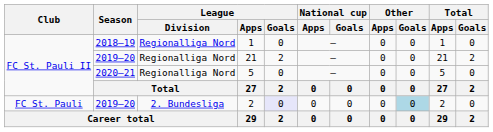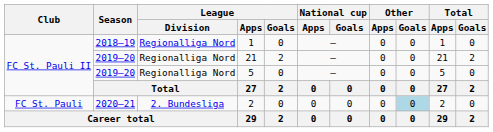 <table class="wikitable" style="text-align: center">
 <tr>
 <th rowspan="2">Club</th>
 <th rowspan="2">Season</th>
 <th colspan="3">League</th>
 <th colspan="2">National cup</th>
 <th colspan="2">Other</th>
 <th colspan="2">Total</th>
 </tr>
 <tr>
 <th>Division</th>
 <th>Apps</th>
 <th>Goals</th>
 <th>Apps</th>
 <th>Goals</th>
 <th>Apps</th>
 <th>Goals</th>
 <th>Apps</th>
 <th>Goals</th>
 </tr>
 <tr>
 <td rowspan="4"><a href='#'>FC St. Pauli II</a></td>
 <td><a href='#'>2018–19</a></td>
 <td><a href='#'>Regionalliga Nord</a></td>
 <td>1</td>
 <td>0</td>
 <td colspan="2">—</td>
 <td>0</td>
 <td>0</td>
 <td>1</td>
 <td>0</td>
 </tr>
 <tr>
 <td><a href='#'>2019–20</a></td>
 <td>Regionalliga Nord</td>
 <td>21</td>
 <td>2</td>
 <td colspan="2">—</td>
 <td>0</td>
 <td>0</td>
 <td>21</td>
 <td>2</td>
 </tr>
 <tr>
-<td><a href='#'>2020–21</a></td>
+<td><a href='#'>2019–20</a></td>
 <td>Regionalliga Nord</td>
 <td>5</td>
 <td>0</td>
 <td colspan="2">—</td>
 <td>0</td>
 <td>0</td>
 <td>5</td>
 <td>0</td>
 </tr>
 <tr>
 <th colspan="2">Total</th>
 <th>27</th>
 <th>2</th>
 <th>0</th>
 <th>0</th>
 <th>0</th>
 <th>0</th>
 <th>27</th>
 <th>2</th>
 </tr>
 <tr>
 <td><a href='#'>FC St. Pauli</a></td>
-<td><a href='#'>2019–20</a></td>
+<td><a href='#'>2020–21</a></td>
 <td><a href='#'>2. Bundesliga</a></td>
 <td>2</td>
-<td style="background: lavender;">0</td>
+<td>0</td>
 <td>0</td>
 <td>0</td>
 <td>0</td>
 <td style="background: lightblue;">0</td>
 <td>2</td>
 <td>0</td>
 </tr>
 <tr>
 <th colspan="3">Career total</th>
 <th>29</th>
 <th>2</th>
 <th>0</th>
 <th>0</th>
 <th>0</th>
 <th>0</th>
 <th>29</th>
 <th>2</th>
 </tr>
 </table>
